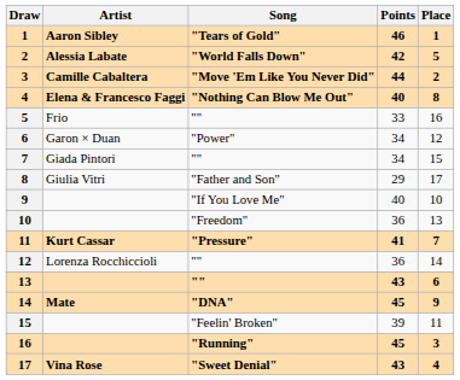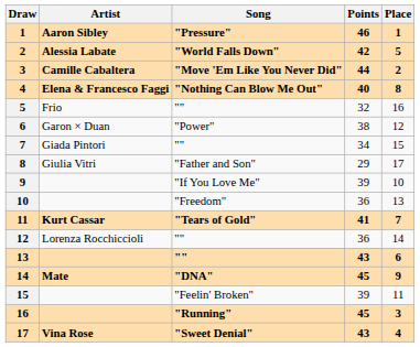 <table class="sortable wikitable plainrowheaders" style="margin: 1em auto 1em auto; text-align:center;">
 <tr>
 <th scope="col">Draw</th>
 <th scope="col">Artist</th>
 <th scope="col">Song</th>
 <th scope="col">Points</th>
 <th scope="col">Place</th>
 </tr>
 <tr>
 <th scope="row" style="font-weight:bold; background:navajowhite; text-align:center;">1</th>
 <td style="font-weight:bold; background:navajowhite;" align="left">Aaron Sibley</td>
-<td style="font-weight:bold; background:navajowhite;" align="left">"Tears of Gold"</td>
+<td style="font-weight:bold; background:navajowhite;" align="left">"Pressure"</td>
 <td style="font-weight:bold; background:navajowhite;">46</td>
 <td style="font-weight:bold; background:navajowhite;">1</td>
 </tr>
 <tr>
 <th scope="row" style="font-weight:bold; background:navajowhite; text-align:center;">2</th>
 <td style="font-weight:bold; background:navajowhite;" align="left">Alessia Labate</td>
 <td style="font-weight:bold; background:navajowhite;" align="left">"World Falls Down"</td>
 <td style="font-weight:bold; background:navajowhite;">42</td>
 <td style="font-weight:bold; background:navajowhite;">5</td>
 </tr>
 <tr>
 <th scope="row" style="font-weight:bold; background:navajowhite; text-align:center;">3</th>
 <td style="font-weight:bold; background:navajowhite;" align="left">Camille Cabaltera</td>
 <td style="font-weight:bold; background:navajowhite;" align="left">"Move 'Em Like You Never Did"</td>
 <td style="font-weight:bold; background:navajowhite;">44</td>
 <td style="font-weight:bold; background:navajowhite;">2</td>
 </tr>
 <tr>
 <th scope="row" style="font-weight:bold; background:navajowhite; text-align:center;">4</th>
 <td style="font-weight:bold; background:navajowhite;" align="left">Elena & Francesco Faggi</td>
 <td style="font-weight:bold; background:navajowhite;" align="left">"Nothing Can Blow Me Out"</td>
 <td style="font-weight:bold; background:navajowhite;">40</td>
 <td style="font-weight:bold; background:navajowhite;">8</td>
 </tr>
 <tr>
 <th scope="row" style="text-align:center;">5</th>
 <td align="left">Frio</td>
 <td align="left">""</td>
-<td>33</td>
+<td>32</td>
 <td>16</td>
 </tr>
 <tr>
 <th scope="row" style="text-align:center;">6</th>
 <td align="left">Garon × Duan</td>
 <td align="left">"Power"</td>
-<td>34</td>
+<td>38</td>
 <td>12</td>
 </tr>
 <tr>
 <th scope="row" style="text-align:center;">7</th>
 <td align="left">Giada Pintori</td>
 <td align="left">""</td>
 <td>34</td>
 <td>15</td>
 </tr>
 <tr>
 <th scope="row" style="text-align:center;">8</th>
 <td align="left">Giulia Vitri</td>
 <td align="left">"Father and Son"</td>
 <td>29</td>
 <td>17</td>
 </tr>
 <tr>
 <th scope="row" style="text-align:center;">9</th>
 <td align="left"></td>
 <td align="left">"If You Love Me"</td>
-<td>40</td>
+<td>39</td>
 <td>10</td>
 </tr>
 <tr>
 <th scope="row" style="text-align:center;">10</th>
 <td align="left"></td>
 <td align="left">"Freedom"</td>
 <td>36</td>
 <td>13</td>
 </tr>
 <tr>
 <th scope="row" style="font-weight:bold; background:navajowhite; text-align:center;">11</th>
 <td style="font-weight:bold; background:navajowhite;" align="left">Kurt Cassar</td>
-<td style="font-weight:bold; background:navajowhite;" align="left">"Pressure"</td>
+<td style="font-weight:bold; background:navajowhite;" align="left">"Tears of Gold"</td>
 <td style="font-weight:bold; background:navajowhite;">41</td>
 <td style="font-weight:bold; background:navajowhite;">7</td>
 </tr>
 <tr>
 <th scope="row" style="text-align:center;">12</th>
 <td align="left">Lorenza Rocchiccioli</td>
 <td align="left">""</td>
 <td>36</td>
 <td>14</td>
 </tr>
 <tr>
 <th scope="row" style="font-weight:bold; background:navajowhite; text-align:center;">13</th>
 <td style="font-weight:bold; background:navajowhite;" align="left"></td>
 <td style="font-weight:bold; background:navajowhite;" align="left">""</td>
 <td style="font-weight:bold; background:navajowhite;">43</td>
 <td style="font-weight:bold; background:navajowhite;">6</td>
 </tr>
 <tr>
 <th scope="row" style="font-weight:bold; background:navajowhite; text-align:center;">14</th>
 <td style="font-weight:bold; background:navajowhite;" align="left">Mate</td>
 <td style="font-weight:bold; background:navajowhite;" align="left">"DNA"</td>
 <td style="font-weight:bold; background:navajowhite;">45</td>
 <td style="font-weight:bold; background:navajowhite;">9</td>
 </tr>
 <tr>
 <th scope="row" style="text-align:center;">15</th>
 <td align="left"></td>
 <td align="left">"Feelin' Broken"</td>
 <td>39</td>
 <td>11</td>
 </tr>
 <tr>
 <th scope="row" style="font-weight:bold; background:navajowhite; text-align:center;">16</th>
 <td style="font-weight:bold; background:navajowhite;" align="left"></td>
 <td style="font-weight:bold; background:navajowhite;" align="left">"Running"</td>
 <td style="font-weight:bold; background:navajowhite;">45</td>
 <td style="font-weight:bold; background:navajowhite;">3</td>
 </tr>
 <tr>
 <th scope="row" style="font-weight:bold; background:navajowhite; text-align:center;">17</th>
 <td style="font-weight:bold; background:navajowhite;" align="left">Vina Rose</td>
 <td style="font-weight:bold; background:navajowhite;" align="left">"Sweet Denial"</td>
 <td style="font-weight:bold; background:navajowhite;">43</td>
 <td style="font-weight:bold; background:navajowhite;">4</td>
 </tr>
 </table>
